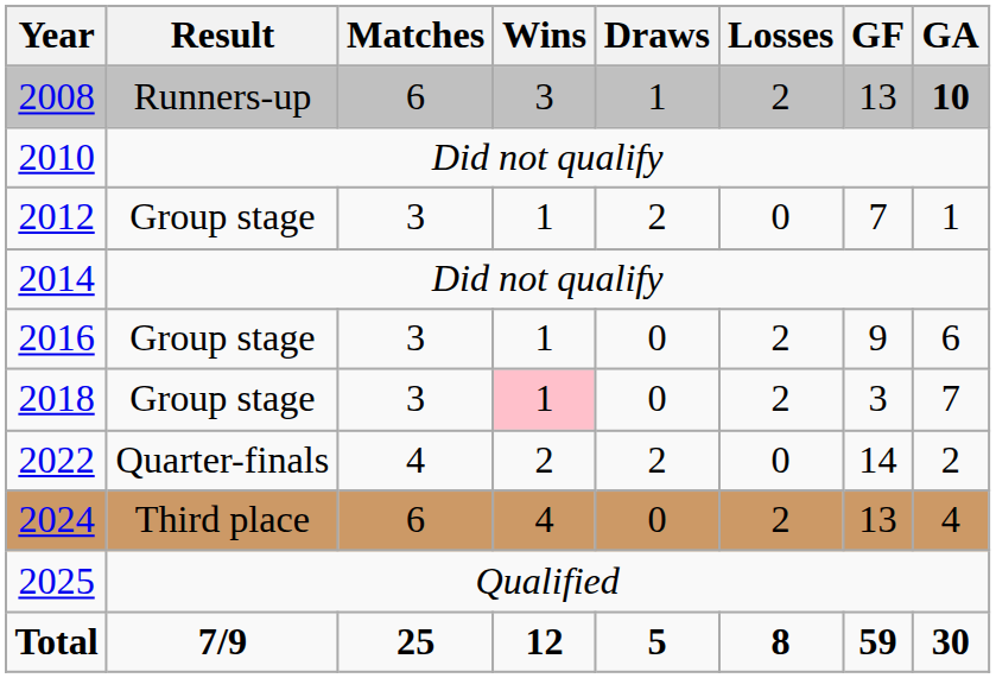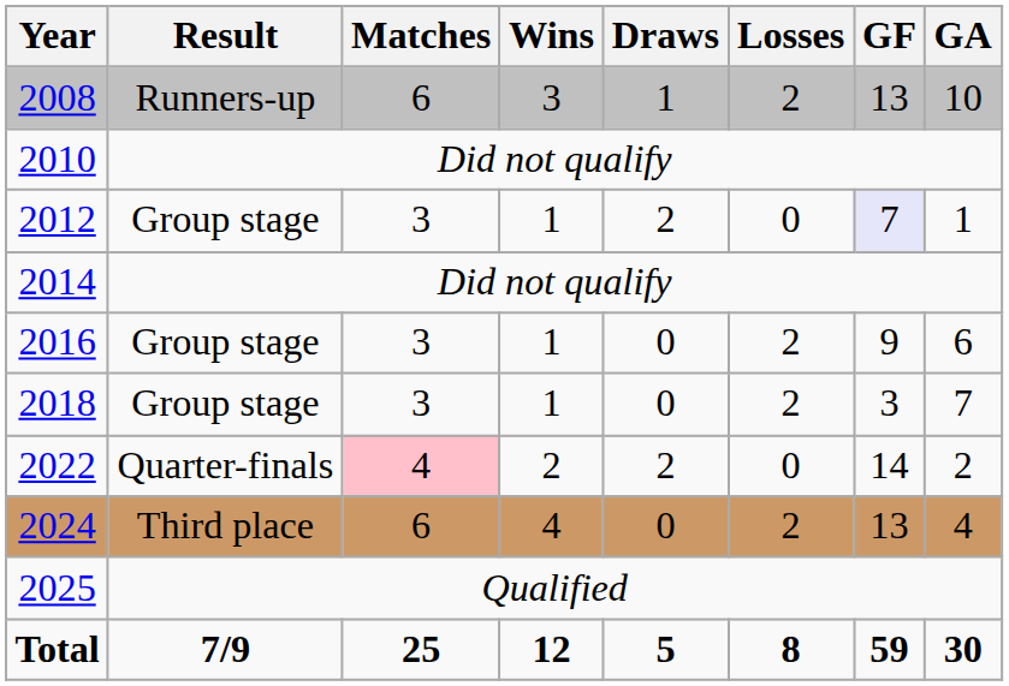 <table class="wikitable" style="text-align: center;">
 <tr>
 <th>Year</th>
 <th>Result</th>
 <th>Matches</th>
 <th>Wins</th>
 <th>Draws</th>
 <th>Losses</th>
 <th>GF</th>
 <th>GA</th>
 </tr>
 <tr style="background:silver;">
 <td> <a href='#'>2008</a></td>
 <td>Runners-up</td>
 <td>6</td>
 <td>3</td>
 <td>1</td>
 <td>2</td>
 <td>13</td>
-<td><strong>10</strong></td>
+<td>10</td>
 </tr>
 <tr>
 <td> <a href='#'>2010</a></td>
 <td colspan=8><em>Did not qualify</em></td>
 </tr>
 <tr>
 <td> <a href='#'>2012</a></td>
 <td>Group stage</td>
 <td>3</td>
 <td>1</td>
 <td>2</td>
 <td>0</td>
-<td>7</td>
+<td style="background: lavender;">7</td>
 <td>1</td>
 </tr>
 <tr>
 <td> <a href='#'>2014</a></td>
 <td colspan=8><em>Did not qualify</em></td>
 </tr>
 <tr>
 <td> <a href='#'>2016</a></td>
 <td>Group stage</td>
 <td>3</td>
 <td>1</td>
 <td>0</td>
 <td>2</td>
 <td>9</td>
 <td>6</td>
 </tr>
 <tr>
 <td> <a href='#'>2018</a></td>
 <td>Group stage</td>
 <td>3</td>
-<td style="background: pink;">1</td>
+<td>1</td>
 <td>0</td>
 <td>2</td>
 <td>3</td>
 <td>7</td>
 </tr>
 <tr>
 <td> <a href='#'>2022</a></td>
 <td>Quarter-finals</td>
-<td>4</td>
+<td style="background: pink;">4</td>
 <td>2</td>
 <td>2</td>
 <td>0</td>
 <td>14</td>
 <td>2</td>
 </tr>
 <tr style="background:#c96;">
 <td> <a href='#'>2024</a></td>
 <td>Third place</td>
 <td>6</td>
 <td>4</td>
 <td>0</td>
 <td>2</td>
 <td>13</td>
 <td>4</td>
 </tr>
 <tr>
 <td> <a href='#'>2025</a></td>
 <td colspan="7"><em>Qualified</em></td>
 </tr>
 <tr>
 <td><strong>Total</strong></td>
 <td><strong>7/9</strong></td>
 <td><strong>25</strong></td>
 <td><strong>12</strong></td>
 <td><strong>5</strong></td>
 <td><strong>8</strong></td>
 <td><strong>59</strong></td>
 <td><strong>30</strong></td>
 </tr>
 </table>
